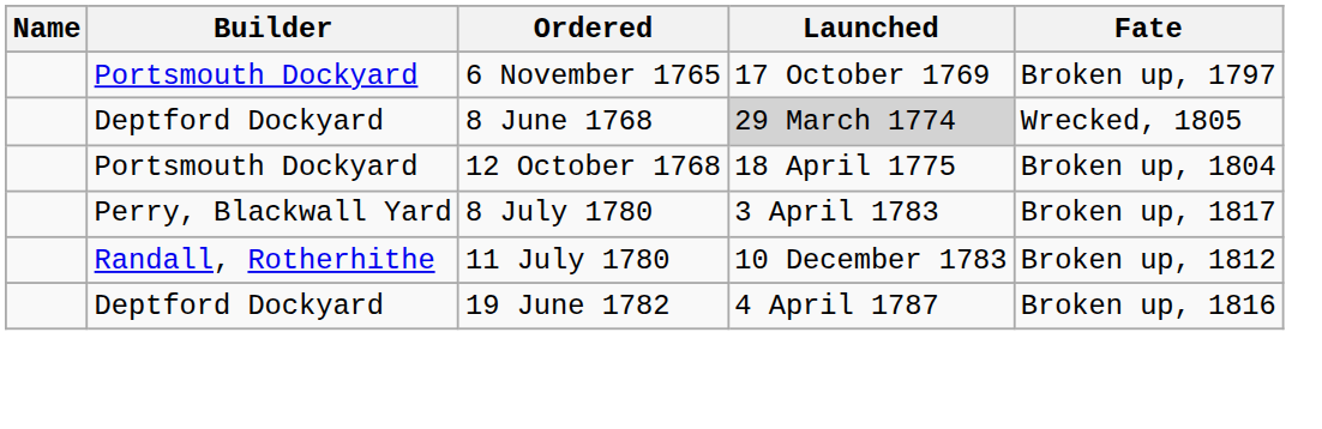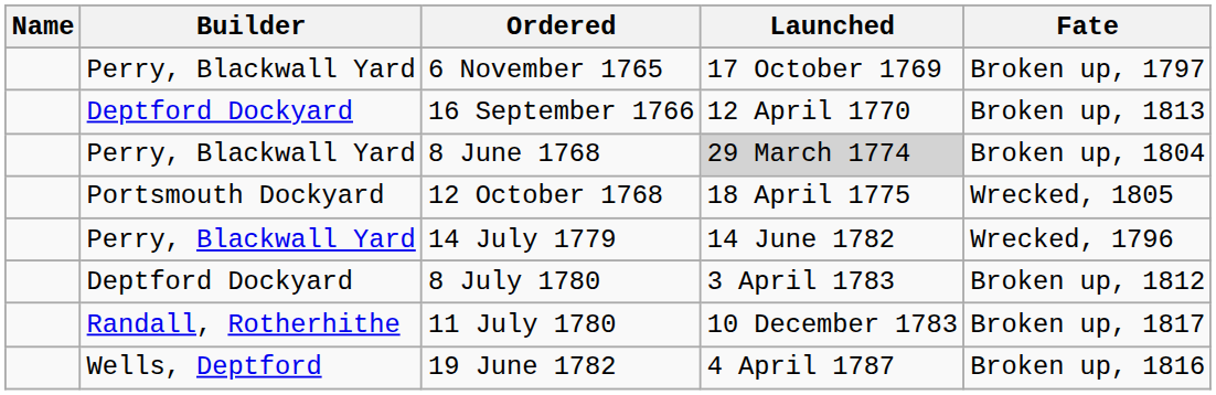 <table class="wikitable sortable">
 <tr>
 <th scope=" col">Name</th>
 <th scope="col">Builder</th>
 <th scope="col">Ordered</th>
 <th scope="col">Launched</th>
 <th scope="col">Fate</th>
 </tr>
 <tr>
 <td></td>
-<td><a href='#'>Portsmouth Dockyard</a></td>
+<td>Perry, Blackwall Yard</td>
 <td>6 November 1765</td>
 <td>17 October 1769</td>
 <td>Broken up, 1797</td>
 </tr>
 <tr>
 <td></td>
-<td>Deptford Dockyard</td>
+<td><a href='#'>Deptford Dockyard</a></td>
+<td>16 September 1766</td>
+<td>12 April 1770</td>
+<td>Broken up, 1813</td>
+</tr>
+<tr>
+<td></td>
+<td>Perry, Blackwall Yard</td>
 <td>8 June 1768</td>
 <td style="background: lightgrey;">29 March 1774</td>
-<td>Wrecked, 1805</td>
+<td>Broken up, 1804</td>
 </tr>
 <tr>
 <td></td>
 <td>Portsmouth Dockyard</td>
 <td>12 October 1768</td>
 <td>18 April 1775</td>
-<td>Broken up, 1804</td>
+<td>Wrecked, 1805</td>
 </tr>
 <tr>
 <td></td>
-<td>Perry, Blackwall Yard</td>
+<td>Perry, <a href='#'>Blackwall Yard</a></td>
+<td>14 July 1779</td>
+<td>14 June 1782</td>
+<td>Wrecked, 1796</td>
+</tr>
+<tr>
+<td></td>
+<td>Deptford Dockyard</td>
 <td>8 July 1780</td>
 <td>3 April 1783</td>
-<td>Broken up, 1817</td>
+<td>Broken up, 1812</td>
 </tr>
 <tr>
 <td></td>
 <td><a href='#'>Randall</a>, <a href='#'>Rotherhithe</a></td>
 <td>11 July 1780</td>
 <td>10 December 1783</td>
-<td>Broken up, 1812</td>
+<td>Broken up, 1817</td>
 </tr>
 <tr>
 <td></td>
-<td>Deptford Dockyard</td>
+<td>Wells, <a href='#'>Deptford</a></td>
 <td>19 June 1782</td>
 <td>4 April 1787</td>
 <td>Broken up, 1816</td>
 </tr>
 </table>
